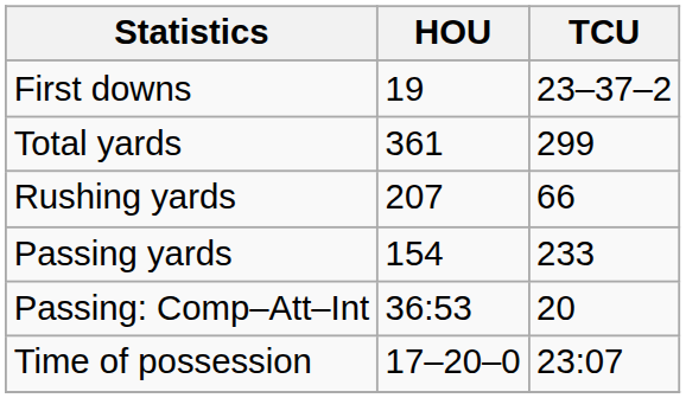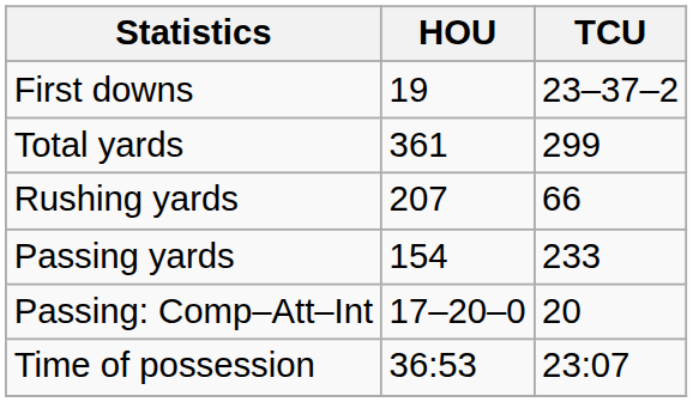 <table class="wikitable" style="float: left;">
 <tr>
 <th>Statistics</th>
 <th>HOU</th>
 <th>TCU</th>
 </tr>
 <tr>
 <td>First downs</td>
 <td>19</td>
 <td>23–37–2</td>
 </tr>
 <tr>
 <td>Total yards</td>
 <td>361</td>
 <td>299</td>
 </tr>
 <tr>
 <td>Rushing yards</td>
 <td>207</td>
 <td>66</td>
 </tr>
 <tr>
 <td>Passing yards</td>
 <td>154</td>
 <td>233</td>
 </tr>
 <tr>
 <td>Passing: Comp–Att–Int</td>
-<td>36:53</td>
+<td>17–20–0</td>
 <td>20</td>
 </tr>
 <tr>
 <td>Time of possession</td>
-<td>17–20–0</td>
+<td>36:53</td>
 <td>23:07</td>
 </tr>
 <tr>
 </tr>
 </table>
